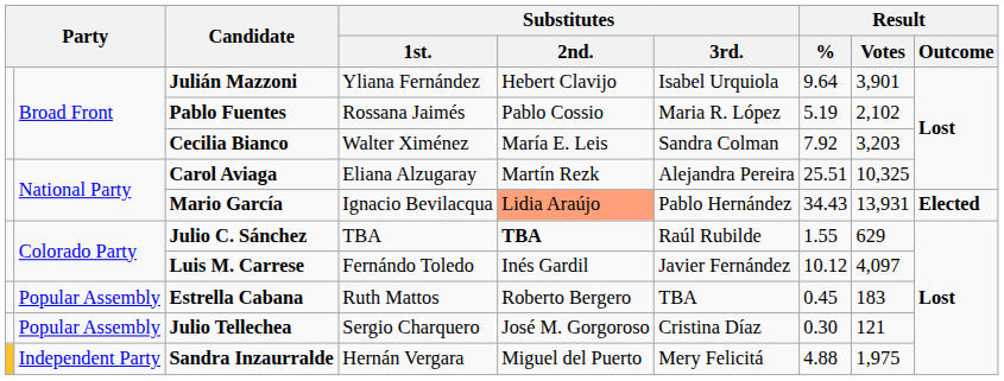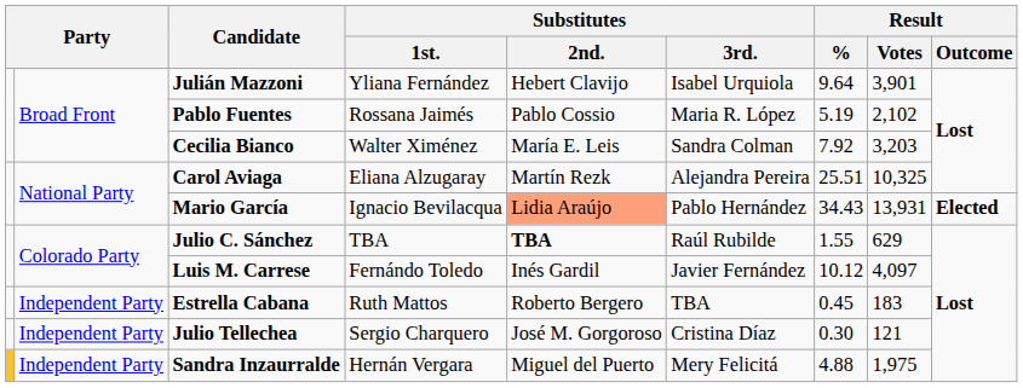 <table class="wikitable">
 <tr>
 <th colspan="2" rowspan="2">Party</th>
 <th rowspan="2">Candidate</th>
 <th colspan="3">Substitutes</th>
 <th colspan="3">Result</th>
 </tr>
 <tr>
 <th>1st.</th>
 <th>2nd.</th>
 <th>3rd.</th>
 <th>%</th>
 <th>Votes</th>
 <th>Outcome</th>
 </tr>
 <tr>
 <td rowspan="3" style="background:"></td>
 <td rowspan="3"><a href='#'>Broad Front</a></td>
 <td><strong>Julián Mazzoni</strong></td>
 <td>Yliana Fernández</td>
 <td>Hebert Clavijo</td>
 <td>Isabel Urquiola</td>
 <td>9.64</td>
 <td>3,901</td>
 <td rowspan="4"><strong>Lost</strong> </td>
 </tr>
 <tr>
 <td><strong>Pablo Fuentes</strong></td>
 <td>Rossana Jaimés</td>
 <td>Pablo Cossio</td>
 <td>Maria R. López</td>
 <td>5.19</td>
 <td>2,102</td>
 </tr>
 <tr>
 <td><strong>Cecilia Bianco</strong></td>
 <td>Walter Ximénez</td>
 <td>María E. Leis</td>
 <td>Sandra Colman</td>
 <td>7.92</td>
 <td>3,203</td>
 </tr>
 <tr>
 <td rowspan="2" style="background:"></td>
 <td rowspan="2"><a href='#'>National Party</a></td>
 <td><strong>Carol Aviaga</strong></td>
 <td>Eliana Alzugaray</td>
 <td>Martín Rezk</td>
 <td>Alejandra Pereira</td>
 <td>25.51</td>
 <td>10,325</td>
 </tr>
 <tr>
 <td><strong>Mario García</strong></td>
 <td>Ignacio Bevilacqua</td>
 <td style="background: lightsalmon;">Lidia Araújo</td>
 <td>Pablo Hernández</td>
 <td>34.43</td>
 <td>13,931</td>
 <td><strong>Elected</strong> </td>
 </tr>
 <tr>
 <td rowspan="2" style="background:"></td>
 <td rowspan="2"><a href='#'>Colorado Party</a></td>
 <td><strong>Julio C. Sánchez</strong></td>
 <td>TBA</td>
 <td><strong>TBA</strong></td>
 <td>Raúl Rubilde</td>
 <td>1.55</td>
 <td>629</td>
 <td rowspan="5"><strong>Lost</strong> </td>
 </tr>
 <tr>
 <td><strong>Luis M. Carrese</strong></td>
 <td>Fernándo Toledo</td>
 <td>Inés Gardil</td>
 <td>Javier Fernández</td>
 <td>10.12</td>
 <td>4,097</td>
 </tr>
 <tr>
 <td style="background:"></td>
-<td><a href='#'>Popular Assembly</a></td>
+<td><a href='#'>Independent Party</a></td>
 <td><strong>Estrella Cabana</strong></td>
 <td>Ruth Mattos</td>
 <td>Roberto Bergero</td>
 <td>TBA</td>
 <td>0.45</td>
 <td>183</td>
 </tr>
 <tr>
 <td style="background:"></td>
-<td><a href='#'>Popular Assembly</a></td>
+<td><a href='#'>Independent Party</a></td>
 <td><strong>Julio Tellechea</strong></td>
 <td>Sergio Charquero</td>
 <td>José M. Gorgoroso</td>
 <td>Cristina Díaz</td>
 <td>0.30</td>
 <td>121</td>
 </tr>
 <tr>
 <td style="background:#FBC22B"></td>
 <td><a href='#'>Independent Party</a></td>
 <td><strong>Sandra Inzaurralde</strong></td>
 <td>Hernán Vergara</td>
 <td>Miguel del Puerto</td>
 <td>Mery Felicitá</td>
 <td>4.88</td>
 <td>1,975</td>
 </tr>
 </table>
